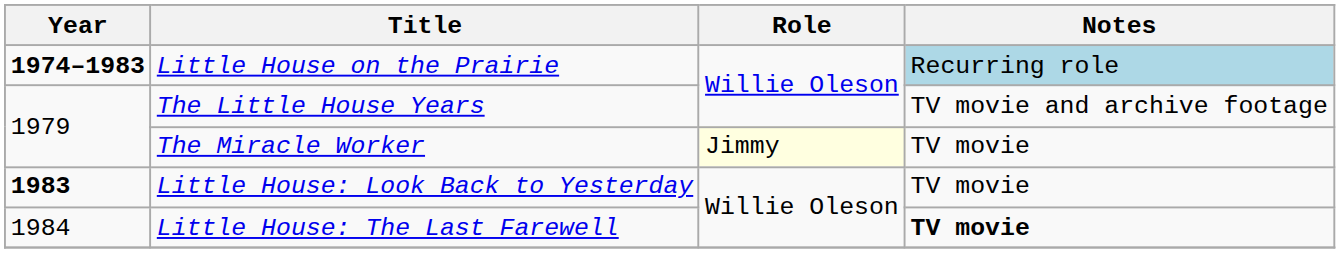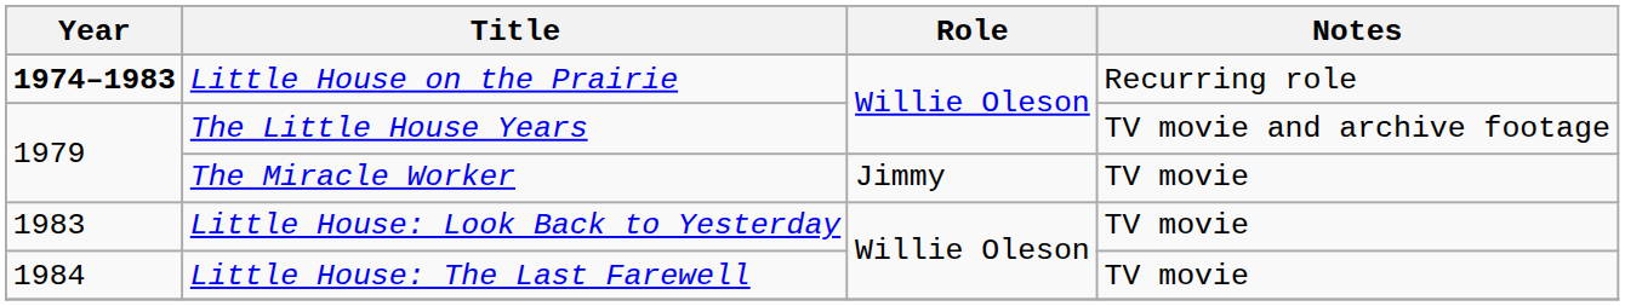 <table class="wikitable sortable">
 <tr>
 <th>Year</th>
 <th>Title</th>
 <th>Role</th>
 <th class="unsortable">Notes</th>
 </tr>
 <tr>
 <td><strong>1974–1983</strong></td>
 <td><em><a href='#'>Little House on the Prairie</a></em></td>
 <td rowspan=2><a href='#'>Willie Oleson</a></td>
-<td style="background: lightblue;">Recurring role</td>
+<td>Recurring role</td>
 </tr>
 <tr>
 <td rowspan=2>1979</td>
 <td><em><a href='#'>The Little House Years</a></em></td>
 <td>TV movie and archive footage</td>
 </tr>
 <tr>
 <td><em><a href='#'>The Miracle Worker</a></em></td>
-<td style="background: lightyellow;">Jimmy</td>
+<td>Jimmy</td>
 <td>TV movie</td>
 </tr>
 <tr>
-<td><strong>1983</strong></td>
+<td>1983</td>
 <td><em><a href='#'>Little House: Look Back to Yesterday</a></em></td>
 <td rowspan=2>Willie Oleson</td>
 <td>TV movie</td>
 </tr>
 <tr>
 <td>1984</td>
 <td><em><a href='#'>Little House: The Last Farewell</a></em></td>
-<td><strong>TV movie</strong></td>
+<td>TV movie</td>
 </tr>
 <tr>
 </tr>
 </table>
